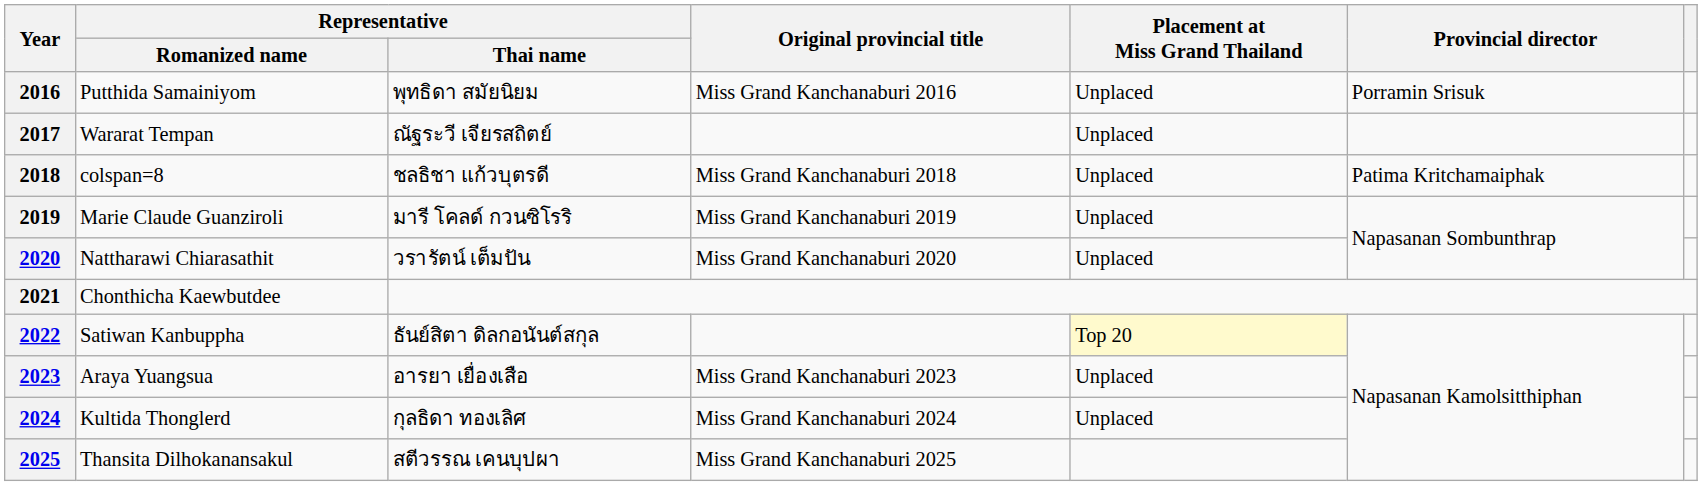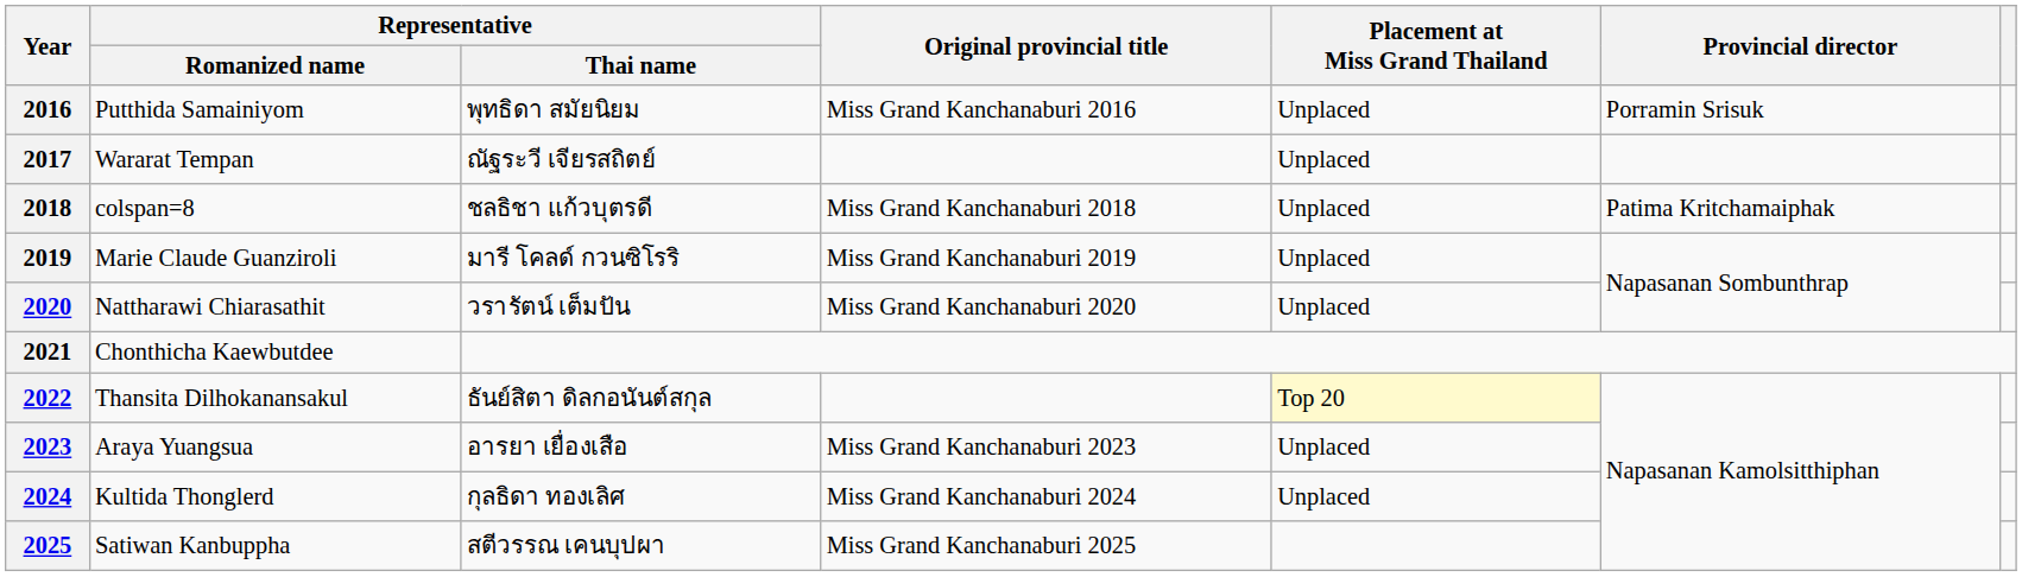 <table class="wikitable defaultcenter col2left col3left col6left" style="font-size:95%; width:100%">
 <tr>
 <th rowspan=2>Year</th>
 <th colspan=2>Representative</th>
 <th rowspan=2>Original provincial title</th>
 <th rowspan=2>Placement at<br>Miss Grand Thailand</th>
 <th rowspan=2>Provincial director</th>
 <th rowspan=2></th>
 </tr>
 <tr>
 <th>Romanized name</th>
 <th>Thai name</th>
 </tr>
 <tr>
 <th>2016</th>
 <td>Putthida Samainiyom</td>
 <td>พุทธิดา สมัยนิยม</td>
 <td>Miss Grand Kanchanaburi 2016</td>
 <td>Unplaced</td>
 <td>Porramin Srisuk</td>
 <td></td>
 </tr>
 <tr>
 <th>2017</th>
 <td>Wararat Tempan</td>
 <td>ณัฐระวี เจียรสถิตย์</td>
 <td></td>
 <td>Unplaced</td>
 <td></td>
 <td></td>
 </tr>
 <tr>
 <th>2018</th>
 <td>colspan=8 </td>
 <td>ชลธิชา แก้วบุตรดี</td>
 <td>Miss Grand Kanchanaburi 2018</td>
 <td>Unplaced</td>
 <td>Patima Kritchamaiphak</td>
 <td></td>
 </tr>
 <tr>
 <th>2019</th>
 <td>Marie Claude Guanziroli</td>
 <td>มารี โคลด์ กวนซิโรริ</td>
 <td>Miss Grand Kanchanaburi 2019</td>
 <td>Unplaced</td>
 <td rowspan=2>Napasanan Sombunthrap</td>
 <td></td>
 </tr>
 <tr>
 <th><a href='#'>2020</a></th>
 <td>Nattharawi Chiarasathit</td>
 <td>วรารัตน์ เต็มปัน</td>
 <td>Miss Grand Kanchanaburi 2020</td>
 <td>Unplaced</td>
 <td></td>
 </tr>
 <tr>
 <th>2021</th>
 <td>Chonthicha Kaewbutdee</td>
 </tr>
 <tr>
 <th><a href='#'>2022</a></th>
-<td>Satiwan Kanbuppha</td>
+<td>Thansita Dilhokanansakul</td>
 <td>ธันย์สิตา ดิลกอนันต์สกุล</td>
 <td></td>
 <td bgcolor=#FFFACD>Top 20</td>
 <td rowspan=4>Napasanan Kamolsitthiphan<br></td>
 <td></td>
 </tr>
 <tr>
 <th><a href='#'>2023</a></th>
 <td>Araya Yuangsua</td>
 <td>อารยา เยื่องเสือ</td>
 <td>Miss Grand Kanchanaburi 2023</td>
 <td>Unplaced</td>
 <td></td>
 </tr>
 <tr>
 <th><a href='#'>2024</a></th>
 <td>Kultida Thonglerd</td>
 <td>กุลธิดา ทองเลิศ</td>
 <td>Miss Grand Kanchanaburi 2024</td>
 <td>Unplaced</td>
 <td></td>
 </tr>
 <tr>
 <th><a href='#'>2025</a></th>
-<td>Thansita Dilhokanansakul</td>
+<td>Satiwan Kanbuppha</td>
 <td>สตีวรรณ เคนบุปผา</td>
 <td>Miss Grand Kanchanaburi 2025</td>
 <td></td>
 <td></td>
 </tr>
 </table>
